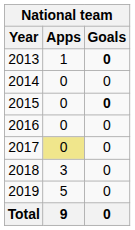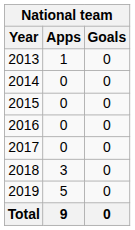 <table class="wikitable" style="text-align:center">
 <tr>
 <th colspan=3>National team</th>
 </tr>
 <tr>
 <th>Year</th>
 <th>Apps</th>
 <th>Goals</th>
 </tr>
 <tr>
 <td>2013</td>
 <td>1</td>
-<td><strong>0</strong></td>
+<td>0</td>
 </tr>
 <tr>
 <td>2014</td>
 <td>0</td>
 <td>0</td>
 </tr>
 <tr>
 <td>2015</td>
 <td>0</td>
-<td><strong>0</strong></td>
+<td>0</td>
 </tr>
 <tr>
 <td>2016</td>
 <td>0</td>
 <td>0</td>
 </tr>
 <tr>
 <td>2017</td>
-<td style="background: khaki;">0</td>
+<td>0</td>
 <td>0</td>
 </tr>
 <tr>
 <td>2018</td>
 <td>3</td>
 <td>0</td>
 </tr>
 <tr>
 <td>2019</td>
 <td>5</td>
 <td>0</td>
 </tr>
 <tr>
 <th>Total</th>
 <th>9</th>
 <th>0</th>
 </tr>
 </table>
